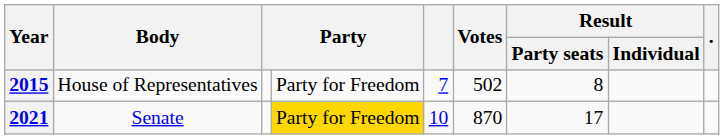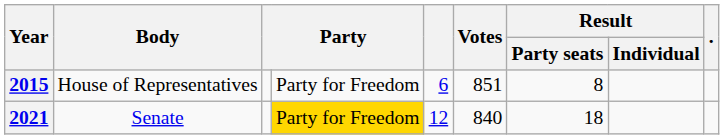 <table class="wikitable plainrowheaders sortable" border=2 cellpadding=4 cellspacing=0 style="border: 1px #aaa solid; font-size: 90%; text-align:center;">
 <tr>
 <th scope="col" rowspan=2>Year</th>
 <th scope="col" rowspan=2>Body</th>
 <th scope="col" colspan=2 rowspan=2>Party</th>
 <th scope="col" rowspan=2></th>
 <th scope="col" rowspan=2>Votes</th>
 <th scope="colgroup" colspan=2>Result</th>
 <th scope="col" rowspan=2 class="unsortable">.</th>
 </tr>
 <tr>
 <th scope="col">Party seats</th>
 <th scope="col">Individual</th>
 </tr>
 <tr>
 <th scope="row"><a href='#'>2015</a></th>
 <td>House of Representatives</td>
 <td style="background-color:"></td>
 <td>Party for Freedom</td>
-<td style=text-align:right><a href='#'>7</a></td>
-<td style=text-align:right>502</td>
+<td style=text-align:right><a href='#'>6</a></td>
+<td style=text-align:right>851</td>
 <td style=text-align:right>8</td>
 <td></td>
 <td></td>
 </tr>
 <tr>
 <th scope="row"><a href='#'>2021</a></th>
 <td><a href='#'>Senate</a></td>
 <td style="background-color:"></td>
 <td style="background: gold;">Party for Freedom</td>
-<td style=text-align:right><a href='#'>10</a></td>
-<td style=text-align:right>870</td>
-<td style=text-align:right>17</td>
+<td style=text-align:right><a href='#'>12</a></td>
+<td style=text-align:right>840</td>
+<td style=text-align:right>18</td>
 <td></td>
 <td></td>
 </tr>
 </table>
